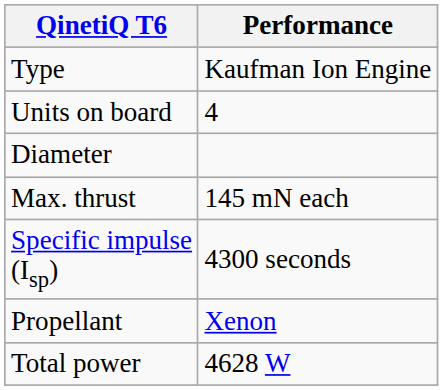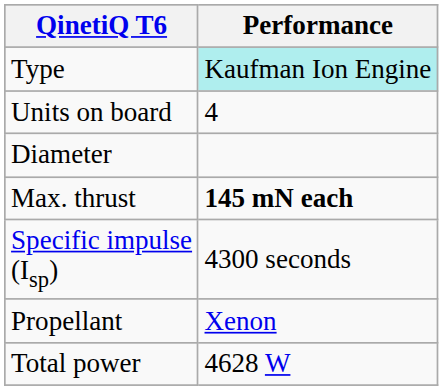 <table class="wikitable floatright">
 <tr>
 <th><a href='#'>QinetiQ T6</a></th>
 <th>Performance </th>
 </tr>
 <tr>
 <td>Type</td>
-<td>Kaufman Ion Engine</td>
+<td style="background: paleturquoise;">Kaufman Ion Engine</td>
 </tr>
 <tr>
 <td>Units on board</td>
 <td>4 </td>
 </tr>
 <tr>
 <td>Diameter</td>
 <td></td>
 </tr>
 <tr>
 <td>Max. thrust</td>
-<td>145 mN each</td>
+<td><strong>145 mN each</strong></td>
 </tr>
 <tr>
 <td><a href='#'>Specific impulse</a><br>(I<sub>sp</sub>)</td>
 <td>4300 seconds</td>
 </tr>
 <tr>
 <td>Propellant</td>
 <td><a href='#'>Xenon</a></td>
 </tr>
 <tr>
 <td>Total power</td>
 <td>4628 <a href='#'>W</a></td>
 </tr>
 </table>
